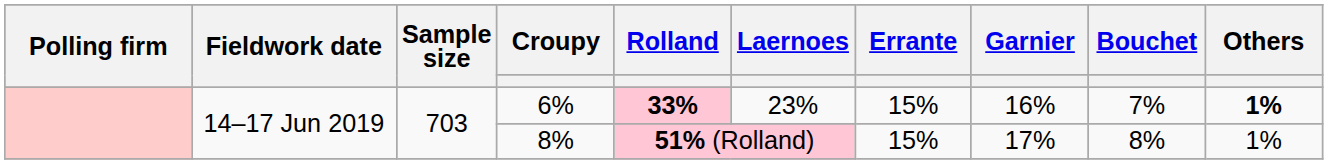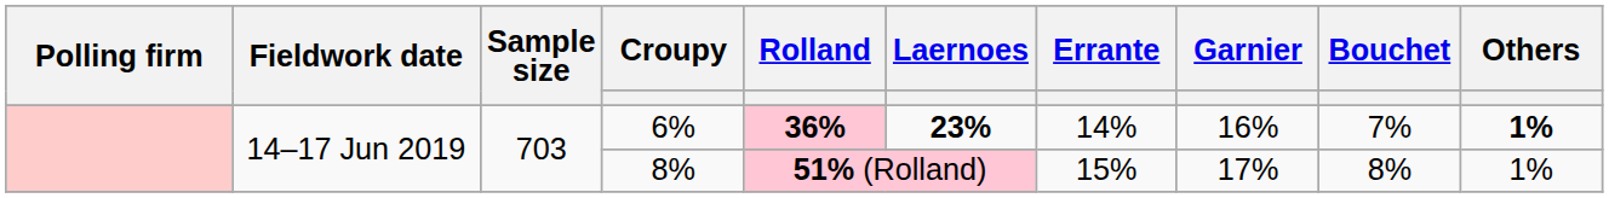 <table class="wikitable sortable" style="text-align:center;font-size:90%;line-height:14px;">
 <tr style="height:40px;">
 <th style="width:100px;" rowspan="2">Polling firm</th>
 <th style="width:110px;" rowspan="2">Fieldwork date</th>
 <th style="width:35px;" rowspan="2">Sample<br>size</th>
 <th class="unsortable" style="width:60px;">Croupy<br></th>
 <th class="unsortable" style="width:60px;"><a href='#'>Rolland</a><br></th>
 <th class="unsortable" style="width:60px;"><a href='#'>Laernoes</a><br></th>
 <th class="unsortable" style="width:60px;"><a href='#'>Errante</a><br></th>
 <th class="unsortable" style="width:60px;"><a href='#'>Garnier</a><br></th>
 <th class="unsortable" style="width:60px;"><a href='#'>Bouchet</a><br></th>
 <th class="unsortable" style="width:60px;">Others</th>
 </tr>
 <tr>
 <th style="background:"></th>
 <th style="background:"></th>
 <th style="background:"></th>
 <th style="background:"></th>
 <th style="background:"></th>
 <th style="background:"></th>
 <th style="background:"></th>
 </tr>
 <tr>
 <td rowspan="2" style="background:#FFCCCC;"></td>
 <td rowspan="2" data-sort-value="2019-06-17">14–17 Jun 2019</td>
 <td rowspan="2">703</td>
 <td>6%</td>
-<td style="background:#FFC6D5;"><strong>33%</strong></td>
-<td>23%</td>
-<td>15%</td>
+<td style="background:#FFC6D5;"><strong>36%</strong></td>
+<td><strong>23%</strong></td>
+<td>14%</td>
 <td>16%</td>
 <td>7%</td>
 <td><strong>1%</strong></td>
 </tr>
 <tr>
 <td>8%</td>
 <td style="background:#FFC6D5;" colspan="2"><strong>51%</strong> (Rolland)</td>
 <td>15%</td>
 <td>17%</td>
 <td>8%</td>
 <td>1%</td>
 </tr>
 </table>
